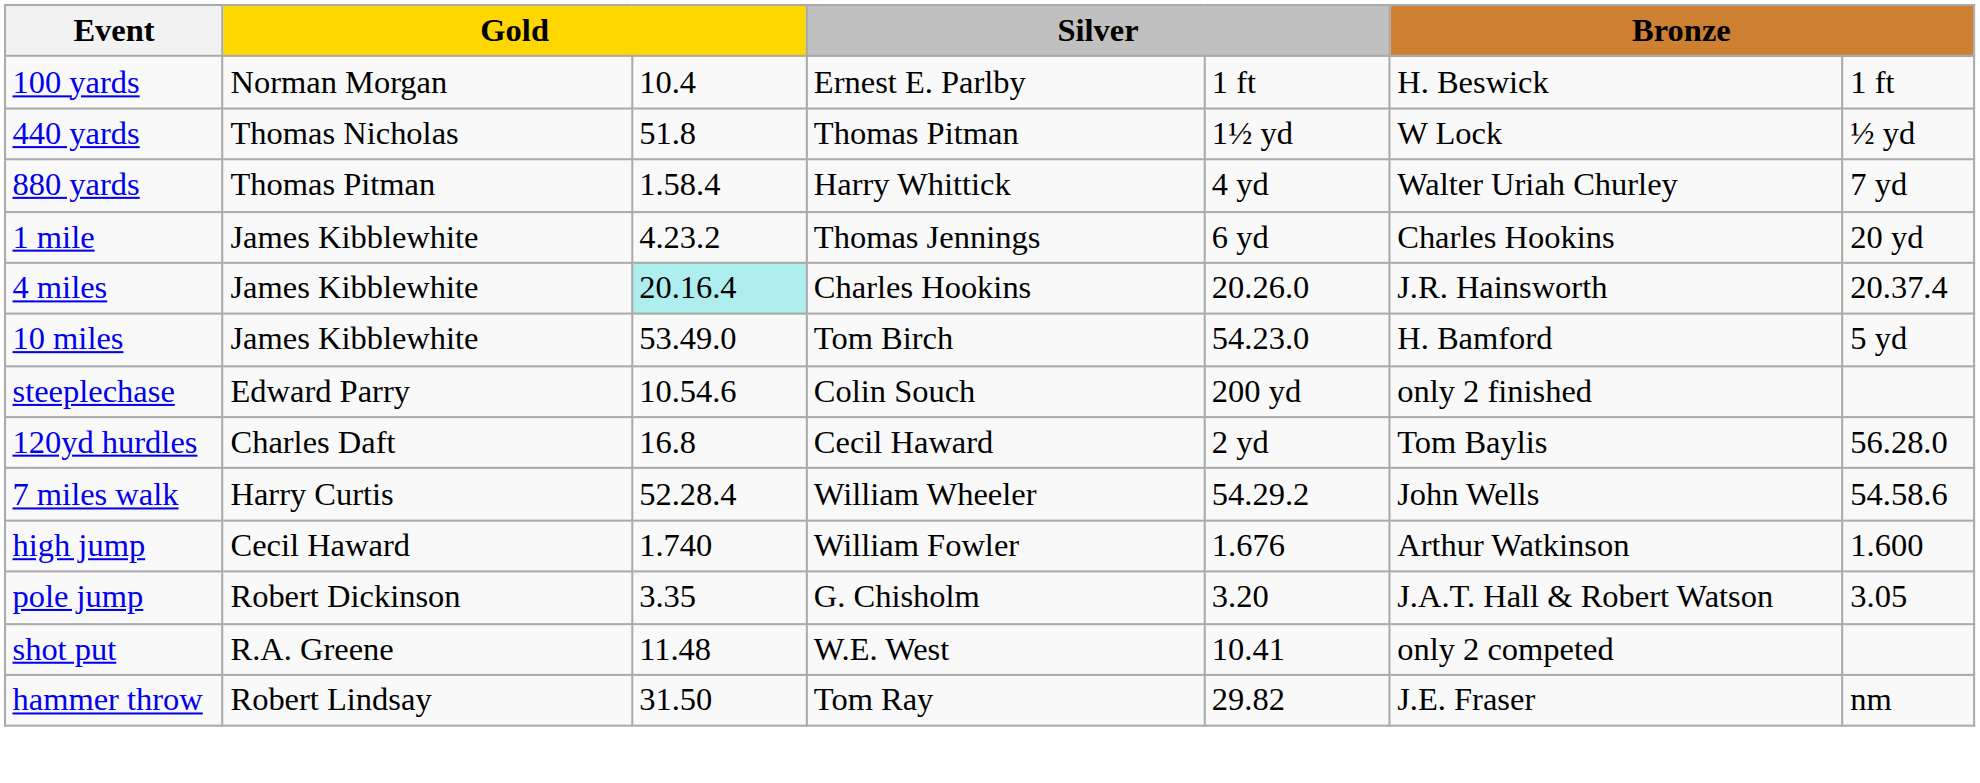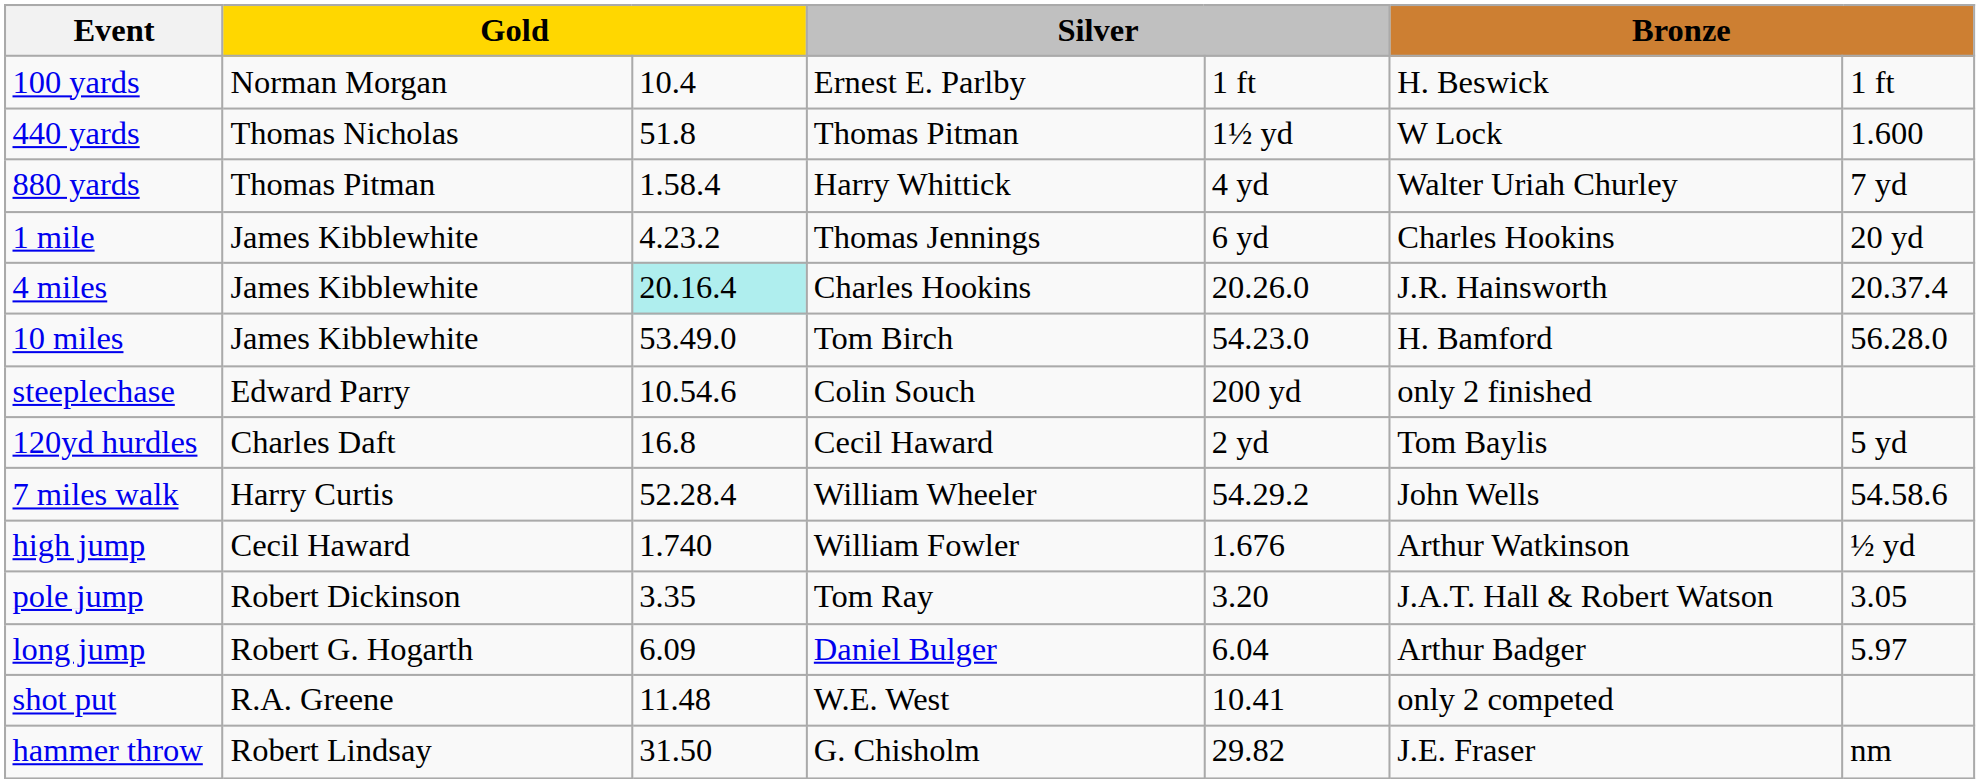 <table class="wikitable" style="text-align:left">
 <tr>
 <th width=100>Event</th>
 <th colspan="2" width="280" style="background:gold;">Gold</th>
 <th colspan="2" width="280" style="background:silver;">Silver</th>
 <th colspan="2" width="280" style="background:#CD7F32;">Bronze</th>
 </tr>
 <tr>
 <td><a href='#'>100 yards</a></td>
 <td> Norman Morgan</td>
 <td>10.4</td>
 <td>Ernest E. Parlby</td>
 <td>1 ft</td>
 <td>H. Beswick</td>
 <td>1 ft</td>
 </tr>
 <tr>
 <td><a href='#'>440 yards</a></td>
 <td> Thomas Nicholas</td>
 <td>51.8</td>
 <td>Thomas Pitman</td>
 <td>1½ yd</td>
 <td>W Lock</td>
-<td>½ yd</td>
+<td>1.600</td>
 </tr>
 <tr>
 <td><a href='#'>880 yards</a></td>
 <td>Thomas Pitman</td>
 <td>1.58.4</td>
 <td>Harry Whittick</td>
 <td>4 yd</td>
 <td>Walter Uriah Churley</td>
 <td>7 yd</td>
 </tr>
 <tr>
 <td><a href='#'>1 mile</a></td>
 <td>James Kibblewhite</td>
 <td>4.23.2</td>
 <td>Thomas Jennings</td>
 <td>6 yd</td>
 <td>Charles Hookins</td>
 <td>20 yd</td>
 </tr>
 <tr>
 <td><a href='#'>4 miles</a></td>
 <td>James Kibblewhite</td>
 <td style="background: paleturquoise;">20.16.4</td>
 <td>Charles Hookins</td>
 <td>20.26.0</td>
 <td>J.R. Hainsworth</td>
 <td>20.37.4</td>
 </tr>
 <tr>
 <td><a href='#'>10 miles</a></td>
 <td>James Kibblewhite</td>
 <td>53.49.0</td>
 <td>Tom Birch</td>
 <td>54.23.0</td>
 <td>H. Bamford</td>
-<td>5 yd</td>
+<td>56.28.0</td>
 </tr>
 <tr>
 <td><a href='#'>steeplechase</a></td>
 <td>Edward Parry</td>
 <td>10.54.6</td>
 <td>Colin Souch</td>
 <td>200 yd</td>
 <td>only 2 finished</td>
 <td></td>
 </tr>
 <tr>
 <td><a href='#'>120yd hurdles</a></td>
 <td>Charles Daft</td>
 <td>16.8</td>
 <td>Cecil Haward</td>
 <td>2 yd</td>
 <td>Tom Baylis</td>
-<td>56.28.0</td>
+<td>5 yd</td>
 </tr>
 <tr>
 <td><a href='#'>7 miles walk</a></td>
 <td>Harry Curtis</td>
 <td>52.28.4</td>
 <td>William Wheeler</td>
 <td>54.29.2</td>
 <td>John Wells</td>
 <td>54.58.6</td>
 </tr>
 <tr>
 <td><a href='#'>high jump</a></td>
 <td>Cecil Haward</td>
 <td>1.740</td>
 <td>William Fowler</td>
 <td>1.676</td>
 <td>Arthur Watkinson</td>
-<td>1.600</td>
+<td>½ yd</td>
 </tr>
 <tr>
 <td><a href='#'>pole jump</a></td>
 <td>Robert Dickinson</td>
 <td>3.35</td>
-<td> G. Chisholm</td>
+<td>Tom Ray</td>
 <td>3.20</td>
 <td>J.A.T. Hall & Robert Watson</td>
 <td>3.05</td>
+</tr>
+<tr>
+<td><a href='#'>long jump</a></td>
+<td> Robert G. Hogarth</td>
+<td>6.09</td>
+<td> <a href='#'>Daniel Bulger</a></td>
+<td>6.04</td>
+<td>Arthur Badger</td>
+<td>5.97</td>
 </tr>
 <tr>
 <td><a href='#'>shot put</a></td>
 <td>R.A. Greene</td>
 <td>11.48</td>
 <td>W.E. West</td>
 <td>10.41</td>
 <td>only 2 competed</td>
 <td></td>
 </tr>
 <tr>
 <td><a href='#'>hammer throw</a></td>
 <td>Robert Lindsay</td>
 <td>31.50</td>
-<td>Tom Ray</td>
+<td> G. Chisholm</td>
 <td>29.82</td>
 <td>J.E. Fraser</td>
 <td>nm</td>
 </tr>
 </table>
